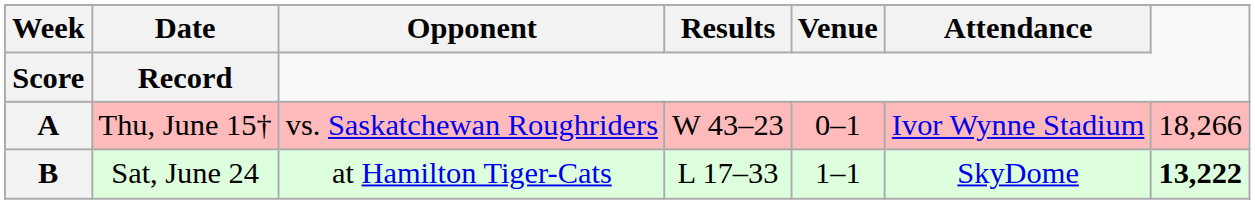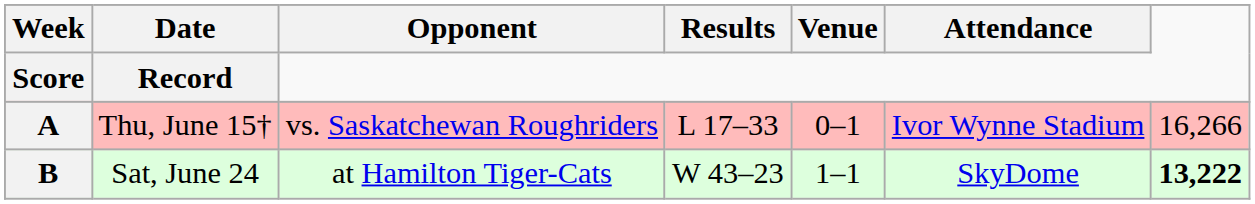 <table class="wikitable" style="text-align:center">
 <tr>
 <th>Week</th>
 <th>Date</th>
 <th>Opponent</th>
 <th>Results</th>
 <th>Venue</th>
 <th>Attendance</th>
 </tr>
 <tr>
 <th>Score</th>
 <th>Record</th>
 </tr>
 <tr style="background:#ffbbbb">
 <th>A</th>
 <td>Thu, June 15†</td>
 <td>vs. <a href='#'>Saskatchewan Roughriders</a></td>
-<td>W 43–23</td>
+<td>L 17–33</td>
 <td>0–1</td>
 <td><a href='#'>Ivor Wynne Stadium</a></td>
-<td>18,266</td>
+<td>16,266</td>
 </tr>
 <tr style="background:#ddffdd">
 <th>B</th>
 <td>Sat, June 24</td>
 <td>at <a href='#'>Hamilton Tiger-Cats</a></td>
-<td>L 17–33</td>
+<td>W 43–23</td>
 <td>1–1</td>
 <td><a href='#'>SkyDome</a></td>
 <td><strong>13,222</strong></td>
 </tr>
 </table>
